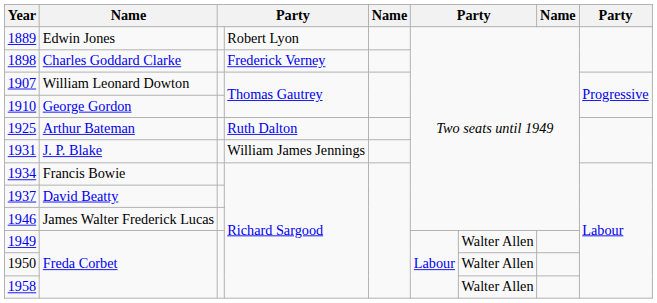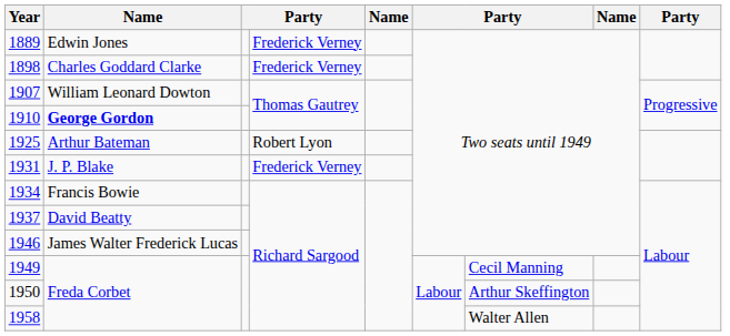 <table class="wikitable">
 <tr>
 <th>Year</th>
 <th>Name</th>
 <th colspan=2>Party</th>
 <th>Name</th>
 <th colspan=2>Party</th>
 <th>Name</th>
 <th colspan=2>Party</th>
 </tr>
 <tr>
 <td><a href='#'>1889</a></td>
 <td>Edwin Jones</td>
 <td></td>
-<td>Robert Lyon</td>
+<td><a href='#'>Frederick Verney</a></td>
 <td></td>
 <td rowspan=9 colspan=3 align="center"><em>Two seats until 1949</em></td>
 </tr>
 <tr>
 <td><a href='#'>1898</a></td>
 <td><a href='#'>Charles Goddard Clarke</a></td>
 <td></td>
 <td><a href='#'>Frederick Verney</a></td>
 <td></td>
 </tr>
 <tr>
 <td><a href='#'>1907</a></td>
 <td>William Leonard Dowton</td>
 <td></td>
 <td rowspan=2><a href='#'>Thomas Gautrey</a></td>
 <td rowspan=2 style="background-color: "></td>
 <td rowspan=2><a href='#'>Progressive</a></td>
 </tr>
 <tr>
 <td><a href='#'>1910</a></td>
-<td><a href='#'>George Gordon</a></td>
+<td><strong><a href='#'>George Gordon</a></strong></td>
 <td></td>
 </tr>
 <tr>
 <td><a href='#'>1925</a></td>
 <td><a href='#'>Arthur Bateman</a></td>
 <td></td>
-<td><a href='#'>Ruth Dalton</a></td>
+<td>Robert Lyon</td>
 <td></td>
 </tr>
 <tr>
 <td><a href='#'>1931</a></td>
 <td><a href='#'>J. P. Blake</a></td>
 <td></td>
-<td>William James Jennings</td>
+<td><a href='#'>Frederick Verney</a></td>
 <td></td>
 </tr>
 <tr>
 <td><a href='#'>1934</a></td>
 <td>Francis Bowie</td>
 <td></td>
 <td rowspan=6><a href='#'>Richard Sargood</a></td>
 <td rowspan=6 style="background-color: "></td>
 <td rowspan=6><a href='#'>Labour</a></td>
 </tr>
 <tr>
 <td><a href='#'>1937</a></td>
 <td><a href='#'>David Beatty</a></td>
 <td></td>
 </tr>
 <tr>
 <td><a href='#'>1946</a></td>
 <td>James Walter Frederick Lucas</td>
 <td></td>
 </tr>
 <tr>
 <td><a href='#'>1949</a></td>
 <td rowspan=3><a href='#'>Freda Corbet</a></td>
 <td rowspan=3 style="background-color: "></td>
 <td rowspan=3><a href='#'>Labour</a></td>
-<td>Walter Allen</td>
+<td><a href='#'>Cecil Manning</a></td>
 <td></td>
 </tr>
 <tr>
 <td>1950</td>
-<td>Walter Allen</td>
+<td><a href='#'>Arthur Skeffington</a></td>
 <td></td>
 </tr>
 <tr>
 <td><a href='#'>1958</a></td>
 <td>Walter Allen</td>
 <td></td>
 </tr>
 </table>
